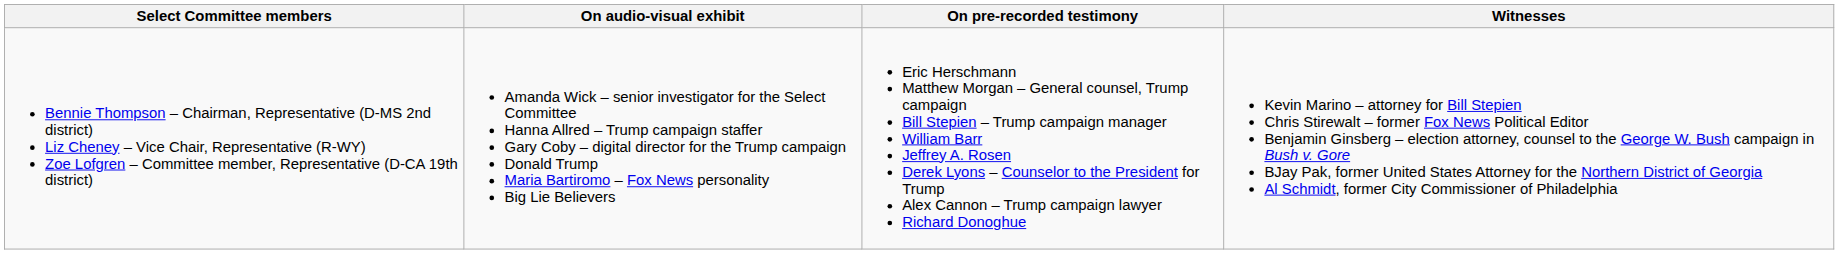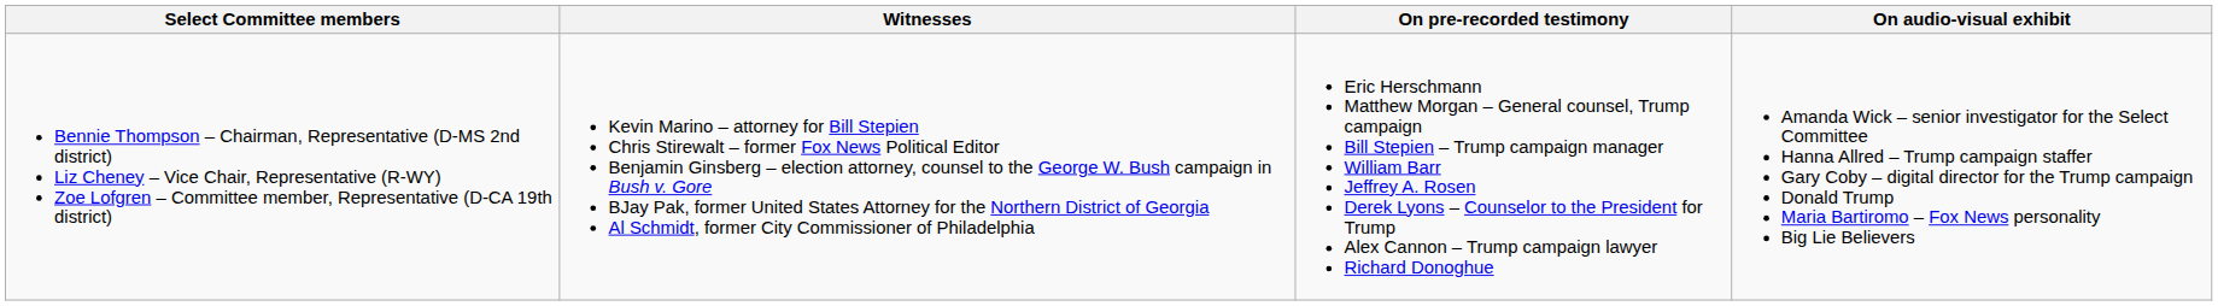 <table class="vertical-align-top wikitable mw-collapsible mw-collapsed">
 <tr>
 <th>Select Committee members</th>
+<th>Witnesses</th>
+<th>On pre-recorded testimony</th>
 <th>On audio-visual exhibit</th>
-<th>On pre-recorded testimony</th>
-<th>Witnesses</th>
 </tr>
 <tr>
 <td><br><ul><li><a href='#'>Bennie Thompson</a> – Chairman, Representative (D-MS 2nd district)</li><li><a href='#'>Liz Cheney</a> – Vice Chair, Representative (R-WY)</li><li><a href='#'>Zoe Lofgren</a> – Committee member, Representative (D-CA 19th district)</li></ul></td>
+<td><br><ul><li>Kevin Marino – attorney for <a href='#'>Bill Stepien</a></li><li>Chris Stirewalt – former <a href='#'>Fox News</a> Political Editor</li><li>Benjamin Ginsberg – election attorney, counsel to the <a href='#'>George W. Bush</a> campaign in <em><a href='#'>Bush v. Gore</a></em></li><li>BJay Pak, former United States Attorney for the <a href='#'>Northern District of Georgia</a></li><li><a href='#'>Al Schmidt</a>, former City Commissioner of Philadelphia</li></ul></td>
+<td><br><ul><li>Eric Herschmann</li><li>Matthew Morgan – General counsel, Trump campaign</li><li><a href='#'>Bill Stepien</a> – Trump campaign manager</li><li><a href='#'>William Barr</a></li><li><a href='#'>Jeffrey A. Rosen</a></li><li><a href='#'>Derek Lyons</a> – <a href='#'>Counselor to the President</a> for Trump</li><li>Alex Cannon – Trump campaign lawyer</li><li><a href='#'>Richard Donoghue</a></li></ul></td>
 <td><br><ul><li>Amanda Wick – senior investigator for the Select Committee</li><li>Hanna Allred – Trump campaign staffer</li><li>Gary Coby – digital director for the Trump campaign</li><li>Donald Trump</li><li><a href='#'>Maria Bartiromo</a> – <a href='#'>Fox News</a> personality</li><li>Big Lie Believers</li></ul></td>
-<td><br><ul><li>Eric Herschmann</li><li>Matthew Morgan – General counsel, Trump campaign</li><li><a href='#'>Bill Stepien</a> – Trump campaign manager</li><li><a href='#'>William Barr</a></li><li><a href='#'>Jeffrey A. Rosen</a></li><li><a href='#'>Derek Lyons</a> – <a href='#'>Counselor to the President</a> for Trump</li><li>Alex Cannon – Trump campaign lawyer</li><li><a href='#'>Richard Donoghue</a></li></ul></td>
-<td><br><ul><li>Kevin Marino – attorney for <a href='#'>Bill Stepien</a></li><li>Chris Stirewalt – former <a href='#'>Fox News</a> Political Editor</li><li>Benjamin Ginsberg – election attorney, counsel to the <a href='#'>George W. Bush</a> campaign in <em><a href='#'>Bush v. Gore</a></em></li><li>BJay Pak, former United States Attorney for the <a href='#'>Northern District of Georgia</a></li><li><a href='#'>Al Schmidt</a>, former City Commissioner of Philadelphia</li></ul></td>
 </tr>
 </table>
